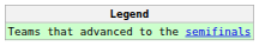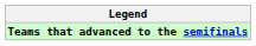 <table class="wikitable">
 <tr>
 <th>Legend</th>
 </tr>
 <tr bgcolor=#ccffcc>
-<td>Teams that advanced to the <a href='#'>semifinals</a></td>
+<td><strong>Teams that advanced to the <a href='#'>semifinals</a></strong></td>
 </tr>
 </table>
